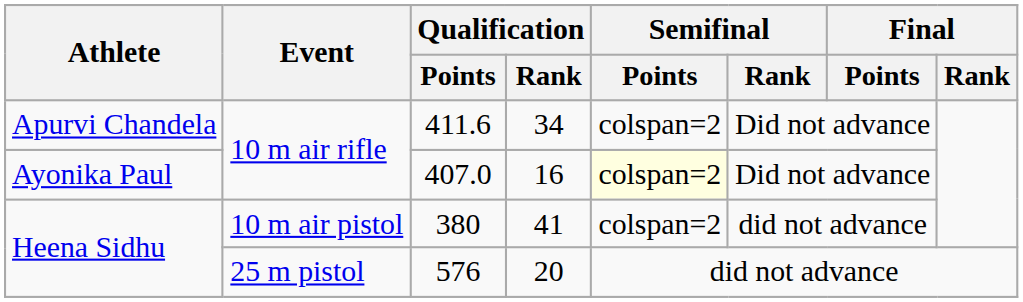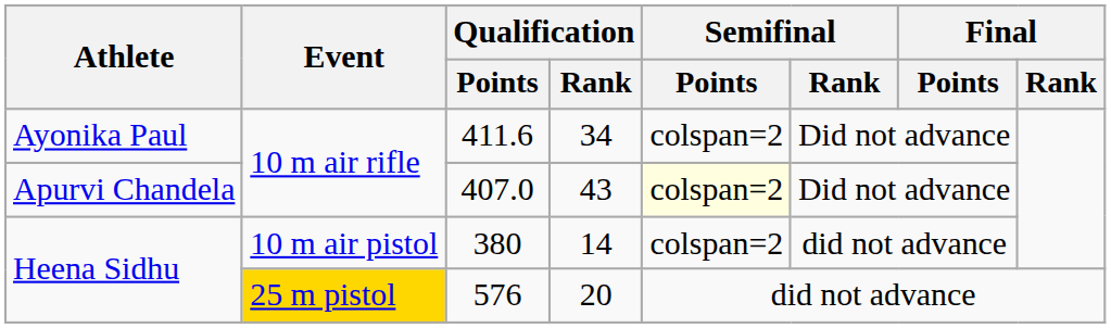 <table class="wikitable" style="font-size:90%">
 <tr>
 <th rowspan="2">Athlete</th>
 <th rowspan="2">Event</th>
 <th colspan=2>Qualification</th>
 <th colspan=2>Semifinal</th>
 <th colspan=2>Final</th>
 </tr>
 <tr style="font-size:95%">
 <th>Points</th>
 <th>Rank</th>
 <th>Points</th>
 <th>Rank</th>
 <th>Points</th>
 <th>Rank</th>
 </tr>
 <tr align=center>
-<td align=left><a href='#'>Apurvi Chandela</a></td>
+<td align=left><a href='#'>Ayonika Paul</a></td>
 <td align=left rowspan=2><a href='#'>10 m air rifle</a></td>
 <td>411.6</td>
 <td>34</td>
 <td>colspan=2 </td>
 <td colspan=2>Did not advance</td>
 </tr>
 <tr align=center>
-<td align=left><a href='#'>Ayonika Paul</a></td>
+<td align=left><a href='#'>Apurvi Chandela</a></td>
 <td>407.0</td>
-<td>16</td>
+<td>43</td>
 <td style="background: lightyellow;">colspan=2 </td>
 <td colspan=2>Did not advance</td>
 </tr>
 <tr align=center>
 <td align=left rowspan=2><a href='#'>Heena Sidhu</a></td>
 <td align=left><a href='#'>10 m air pistol</a></td>
 <td>380</td>
-<td>41</td>
+<td>14</td>
 <td>colspan=2 </td>
 <td colspan=2>did not advance</td>
 </tr>
 <tr align=center>
-<td align=left><a href='#'>25 m pistol</a></td>
+<td align=left style="background: gold;"><a href='#'>25 m pistol</a></td>
 <td>576</td>
 <td>20</td>
 <td colspan=4>did not advance</td>
 </tr>
 </table>
